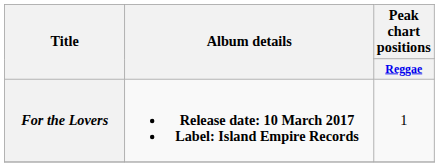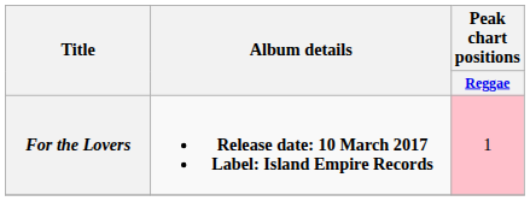 <table class="wikitable plainrowheaders" style="text-align:center;">
 <tr>
 <th rowspan="2" style="width:8em;">Title</th>
 <th rowspan="2" style="width:17em;">Album details</th>
 <th>Peak chart positions</th>
 </tr>
 <tr style="font-size:smaller;">
 <th style="width:4em;"><a href='#'>Reggae</a><br></th>
 </tr>
 <tr>
 <th scope="row"><em>For the Lovers</em></th>
 <td><strong><br><ul><li>Release date: 10 March 2017</li><li>Label:  Island Empire Records</li></ul></strong></td>
-<td>1</td>
+<td style="background: pink;">1</td>
 </tr>
 <tr>
 </tr>
 </table>
